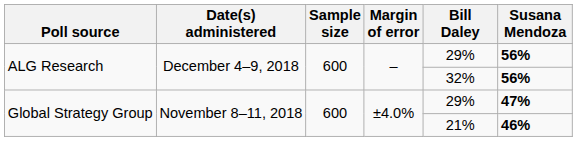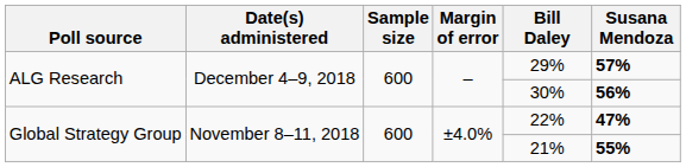 <table class="wikitable">
 <tr valign=bottom>
 <th>Poll source</th>
 <th>Date(s)<br>administered</th>
 <th>Sample<br>size</th>
 <th>Margin<br>of error</th>
 <th style="width:75px;">Bill<br>Daley</th>
 <th style="width:75px;">Susana<br>Mendoza</th>
 </tr>
 <tr>
 <td rowspan=2>ALG Research</td>
 <td rowspan=2 align=center>December 4–9, 2018</td>
 <td rowspan=2 align=center>600</td>
 <td rowspan=2 align=center>–</td>
 <td align=center>29%</td>
-<td><strong>56%</strong></td>
+<td><strong>57%</strong></td>
 </tr>
 <tr>
-<td align=center>32%</td>
+<td align=center>30%</td>
 <td><strong>56%</strong></td>
 </tr>
 <tr>
 <td rowspan=2>Global Strategy Group</td>
 <td rowspan=2 align=center>November 8–11, 2018</td>
 <td rowspan=2 align=center>600</td>
 <td rowspan=2 align=center>±4.0%</td>
-<td align=center>29%</td>
+<td align=center>22%</td>
 <td><strong>47%</strong></td>
 </tr>
 <tr>
 <td align=center>21%</td>
-<td><strong>46%</strong></td>
+<td><strong>55%</strong></td>
 </tr>
 </table>
